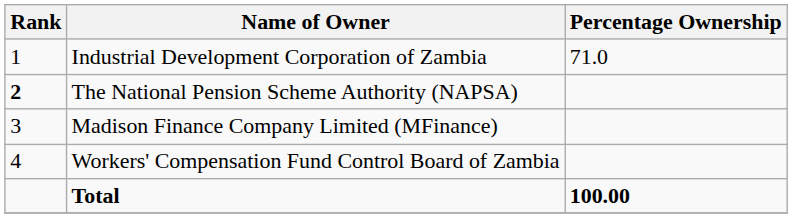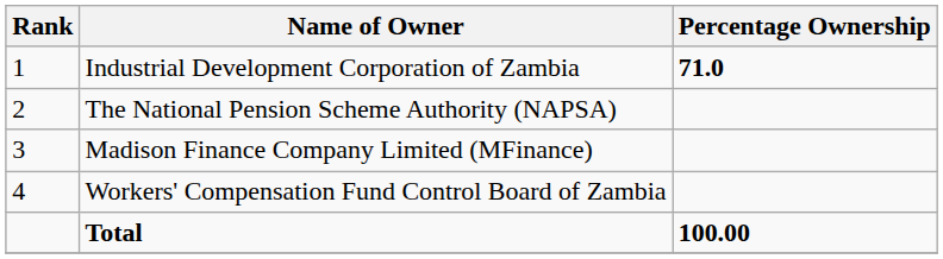 <table class="wikitable sortable" style="margin-left:auto;margin-right:auto">
 <tr>
 <th style="width:2em;">Rank</th>
 <th>Name of Owner</th>
 <th>Percentage Ownership</th>
 </tr>
 <tr>
 <td>1</td>
 <td>Industrial Development Corporation of Zambia</td>
-<td>71.0</td>
+<td><strong>71.0</strong></td>
 </tr>
 <tr>
-<td><strong>2</strong></td>
+<td>2</td>
 <td>The National Pension Scheme Authority (NAPSA)</td>
 <td></td>
 </tr>
 <tr>
 <td>3</td>
 <td>Madison Finance Company Limited (MFinance)</td>
 <td></td>
 </tr>
 <tr>
 <td>4</td>
 <td>Workers' Compensation Fund Control Board of Zambia</td>
 <td></td>
 </tr>
 <tr>
 <td></td>
 <td><strong>Total</strong></td>
 <td><strong>100.00</strong></td>
 </tr>
 <tr>
 </tr>
 </table>
